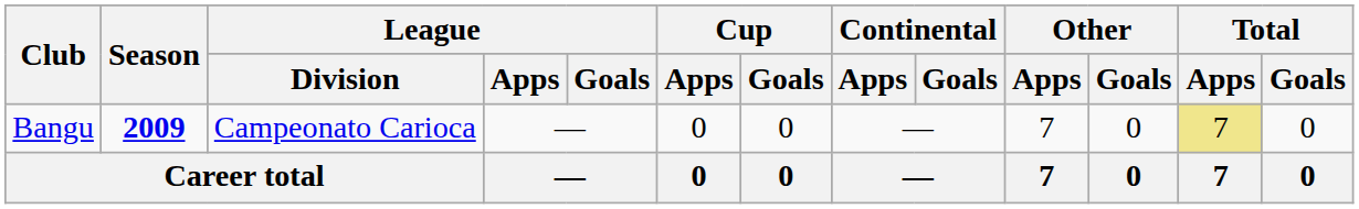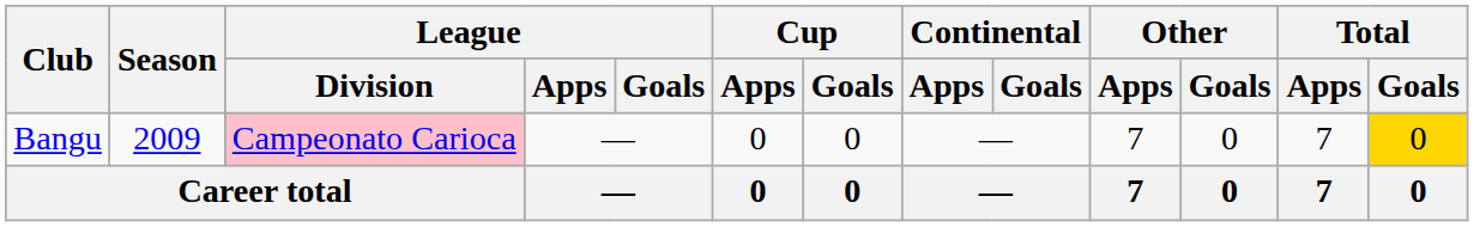 <table class="wikitable" style="text-align:center">
 <tr>
 <th rowspan="2">Club</th>
 <th rowspan="2">Season</th>
 <th colspan="3">League</th>
 <th colspan="2">Cup</th>
 <th colspan="2">Continental</th>
 <th colspan="2">Other</th>
 <th colspan="2">Total</th>
 </tr>
 <tr>
 <th>Division</th>
 <th>Apps</th>
 <th>Goals</th>
 <th>Apps</th>
 <th>Goals</th>
 <th>Apps</th>
 <th>Goals</th>
 <th>Apps</th>
 <th>Goals</th>
 <th>Apps</th>
 <th>Goals</th>
 </tr>
 <tr>
 <td rowspan="1"><a href='#'>Bangu</a></td>
-<td><strong><a href='#'>2009</a></strong></td>
-<td rowspan="1"><a href='#'>Campeonato Carioca</a></td>
+<td><a href='#'>2009</a></td>
+<td rowspan="1" style="background: pink;"><a href='#'>Campeonato Carioca</a></td>
 <td colspan="2">—</td>
 <td>0</td>
 <td>0</td>
 <td colspan="2">—</td>
 <td>7</td>
 <td>0</td>
-<td style="background: khaki;">7</td>
-<td>0</td>
+<td>7</td>
+<td style="background: gold;">0</td>
 </tr>
 <tr>
 <th colspan="3">Career total</th>
 <th colspan="2">—</th>
 <th>0</th>
 <th>0</th>
 <th colspan="2">—</th>
 <th>7</th>
 <th>0</th>
 <th>7</th>
 <th>0</th>
 </tr>
 </table>
